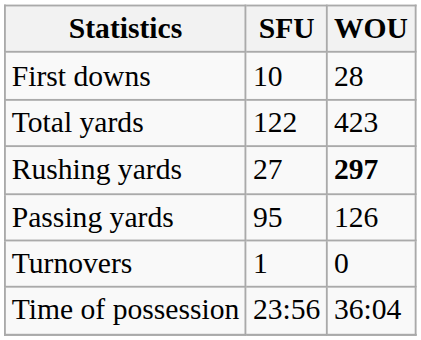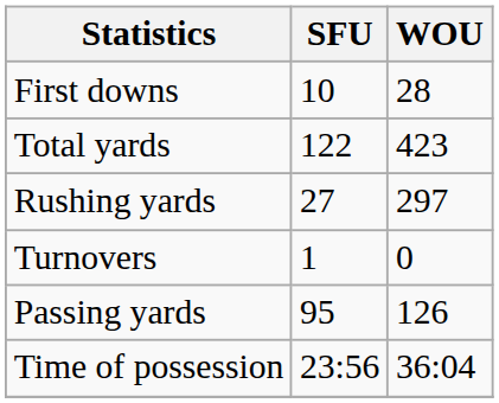 <table class="wikitable" style="float: left;">
 <tr>
 <th>Statistics</th>
 <th>SFU</th>
 <th>WOU</th>
 </tr>
 <tr>
 <td>First downs</td>
 <td>10</td>
 <td>28</td>
 </tr>
 <tr>
 <td>Total yards</td>
 <td>122</td>
 <td>423</td>
 </tr>
 <tr>
 <td>Rushing yards</td>
 <td>27</td>
-<td><strong>297</strong></td>
+<td>297</td>
+</tr>
+<tr>
+<td>Turnovers</td>
+<td>1</td>
+<td>0</td>
 </tr>
 <tr>
 <td>Passing yards</td>
 <td>95</td>
 <td>126</td>
-</tr>
-<tr>
-<td>Turnovers</td>
-<td>1</td>
-<td>0</td>
 </tr>
 <tr>
 <td>Time of possession</td>
 <td>23:56</td>
 <td>36:04</td>
 </tr>
 <tr>
 </tr>
 </table>
